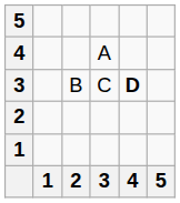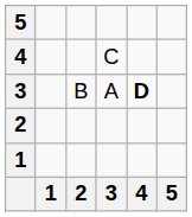 <table class="wikitable" style="text-align:center">
 <tr>
 <th>5</th>
 <td></td>
 <td></td>
 <td></td>
 <td></td>
 <td></td>
 </tr>
 <tr>
 <th>4</th>
 <td></td>
 <td></td>
-<td>A</td>
+<td>C</td>
 <td></td>
 <td></td>
 </tr>
 <tr>
 <th>3</th>
 <td></td>
 <td>B</td>
-<td>C</td>
+<td>A</td>
 <td><strong>D</strong></td>
 <td></td>
 </tr>
 <tr>
 <th>2</th>
 <td></td>
 <td></td>
 <td></td>
 <td></td>
 <td></td>
 </tr>
 <tr>
 <th>1</th>
 <td></td>
 <td></td>
 <td></td>
 <td></td>
 <td></td>
 </tr>
 <tr>
 <th width="15"></th>
 <th style="width:15px;">1</th>
 <th style="width:15px;">2</th>
 <th style="width:15px;">3</th>
 <th style="width:15px;">4</th>
 <th style="width:15px;">5</th>
 </tr>
 </table>
